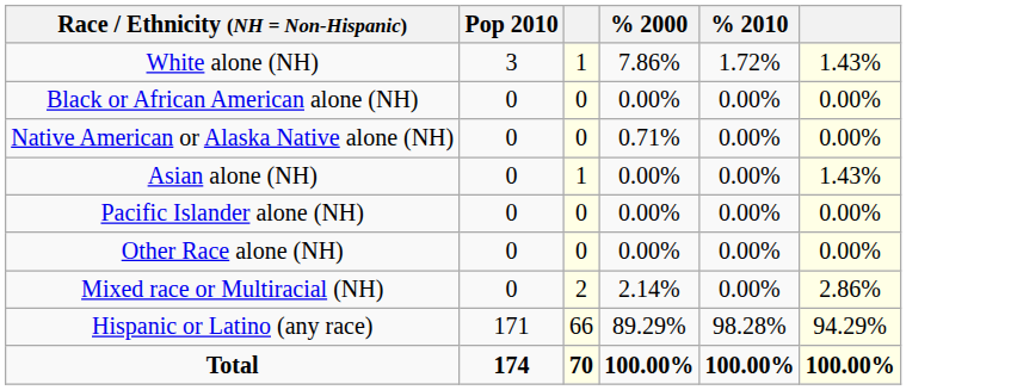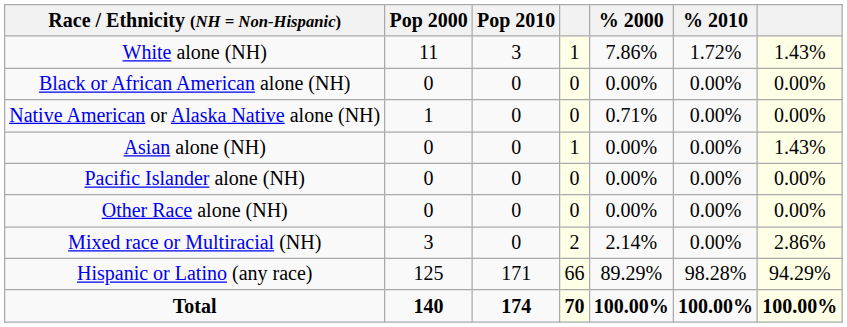 <table class="wikitable" style="text-align:center;">
 <tr>
 <th>Race / Ethnicity <small>(<em>NH = Non-Hispanic</em>)</small></th>
+<th>Pop 2000</th>
 <th>Pop 2010</th>
 <th></th>
 <th>% 2000</th>
 <th>% 2010</th>
 <th></th>
 </tr>
 <tr>
 <td><a href='#'>White</a> alone (NH)</td>
+<td>11</td>
 <td>3</td>
 <td style='background: #ffffe6;'>1</td>
 <td>7.86%</td>
 <td>1.72%</td>
 <td style='background: #ffffe6;'>1.43%</td>
 </tr>
 <tr>
 <td><a href='#'>Black or African American</a> alone (NH)</td>
 <td>0</td>
+<td>0</td>
 <td style='background: #ffffe6;'>0</td>
 <td>0.00%</td>
 <td>0.00%</td>
 <td style='background: #ffffe6;'>0.00%</td>
 </tr>
 <tr>
 <td><a href='#'>Native American</a> or <a href='#'>Alaska Native</a> alone (NH)</td>
+<td>1</td>
 <td>0</td>
 <td style='background: #ffffe6;'>0</td>
 <td>0.71%</td>
 <td>0.00%</td>
 <td style='background: #ffffe6;'>0.00%</td>
 </tr>
 <tr>
 <td><a href='#'>Asian</a> alone (NH)</td>
 <td>0</td>
+<td>0</td>
 <td style='background: #ffffe6;'>1</td>
 <td>0.00%</td>
 <td>0.00%</td>
 <td style='background: #ffffe6;'>1.43%</td>
 </tr>
 <tr>
 <td><a href='#'>Pacific Islander</a> alone (NH)</td>
+<td>0</td>
 <td>0</td>
 <td style='background: #ffffe6;'>0</td>
 <td>0.00%</td>
 <td>0.00%</td>
 <td style='background: #ffffe6;'>0.00%</td>
 </tr>
 <tr>
 <td><a href='#'>Other Race</a> alone (NH)</td>
 <td>0</td>
+<td>0</td>
 <td style='background: #ffffe6;'>0</td>
 <td>0.00%</td>
 <td>0.00%</td>
 <td style='background: #ffffe6;'>0.00%</td>
 </tr>
 <tr>
 <td><a href='#'>Mixed race or Multiracial</a> (NH)</td>
+<td>3</td>
 <td>0</td>
 <td style='background: #ffffe6;'>2</td>
 <td>2.14%</td>
 <td>0.00%</td>
 <td style='background: #ffffe6;'>2.86%</td>
 </tr>
 <tr>
 <td><a href='#'>Hispanic or Latino</a> (any race)</td>
+<td>125</td>
 <td>171</td>
 <td style='background: #ffffe6;'>66</td>
 <td>89.29%</td>
 <td>98.28%</td>
 <td style='background: #ffffe6;'>94.29%</td>
 </tr>
 <tr>
 <td><strong>Total</strong></td>
+<td><strong>140</strong></td>
 <td><strong>174</strong></td>
 <td style='background: #ffffe6;'><strong>70</strong></td>
 <td><strong>100.00%</strong></td>
 <td><strong>100.00%</strong></td>
 <td style='background: #ffffe6;'><strong>100.00%</strong></td>
 </tr>
 </table>
